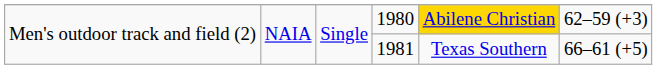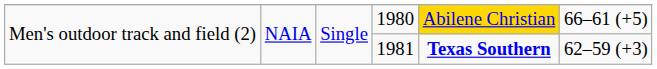 <table class="wikitable">
 <tr align="center">
 </tr>
 <tr align="center">
 <td rowspan="2">Men's outdoor track and field (2)</td>
 <td rowspan="2"><a href='#'>NAIA</a></td>
 <td rowspan="2"><a href='#'>Single</a></td>
 <td>1980</td>
 <td style="background: gold;"><a href='#'>Abilene Christian</a></td>
-<td>62–59 (+3)</td>
+<td>66–61 (+5)</td>
 </tr>
 <tr align="center">
 <td>1981</td>
-<td><a href='#'>Texas Southern</a></td>
-<td>66–61 (+5)</td>
+<td><strong><a href='#'>Texas Southern</a></strong></td>
+<td>62–59 (+3)</td>
 </tr>
 </table>
